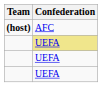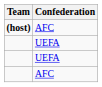 <table class="wikitable sortable" style="text-align: left;">
 <tr>
 <th>Team</th>
 <th>Confederation</th>
 </tr>
 <tr>
 <td><strong> (host)</strong></td>
 <td><a href='#'>AFC</a></td>
 </tr>
 <tr>
 <td></td>
-<td style="background: khaki;"><a href='#'>UEFA</a></td>
+<td><a href='#'>UEFA</a></td>
 </tr>
 <tr>
 <td></td>
 <td><a href='#'>UEFA</a></td>
 </tr>
 <tr>
 <td></td>
-<td><a href='#'>UEFA</a></td>
+<td><a href='#'>AFC</a></td>
 </tr>
 </table>
